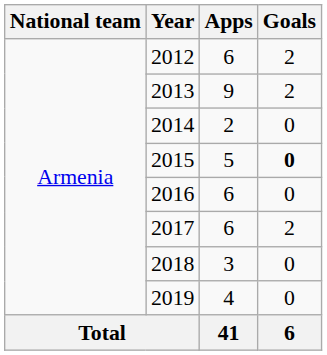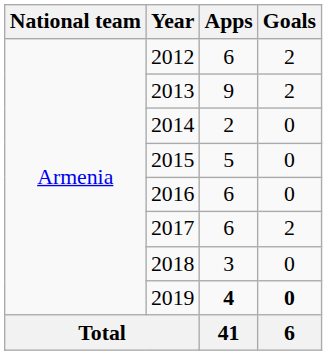 <table class="wikitable" style="text-align:center">
 <tr>
 <th>National team</th>
 <th>Year</th>
 <th>Apps</th>
 <th>Goals</th>
 </tr>
 <tr>
 <td rowspan="8"><a href='#'>Armenia</a></td>
 <td>2012</td>
 <td>6</td>
 <td>2</td>
 </tr>
 <tr>
 <td>2013</td>
 <td>9</td>
 <td>2</td>
 </tr>
 <tr>
 <td>2014</td>
 <td>2</td>
 <td>0</td>
 </tr>
 <tr>
 <td>2015</td>
 <td>5</td>
-<td><strong>0</strong></td>
+<td>0</td>
 </tr>
 <tr>
 <td>2016</td>
 <td>6</td>
 <td>0</td>
 </tr>
 <tr>
 <td>2017</td>
 <td>6</td>
 <td>2</td>
 </tr>
 <tr>
 <td>2018</td>
 <td>3</td>
 <td>0</td>
 </tr>
 <tr>
 <td>2019</td>
-<td>4</td>
-<td>0</td>
+<td><strong>4</strong></td>
+<td><strong>0</strong></td>
 </tr>
 <tr>
 <th colspan="2">Total</th>
 <th>41</th>
 <th>6</th>
 </tr>
 </table>
